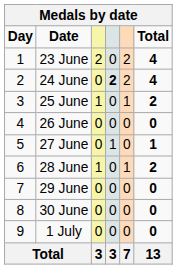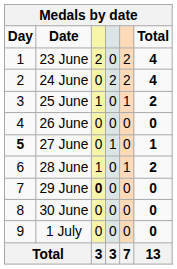 <table class="wikitable" style="font-size:85%; text-align:center;">
 <tr style="background:#efefef;">
 <th colspan=6><strong>Medals by date</strong></th>
 </tr>
 <tr>
 <td><strong>Day</strong></td>
 <td><strong>Date</strong></td>
 <td style="background:#F7F6A8;"></td>
 <td style="background:#DCE5E5;"></td>
 <td style="background:#FFDAB9;"></td>
 <td><strong>Total</strong></td>
 </tr>
 <tr>
 <td>1</td>
 <td>23 June</td>
 <td style="background:#F7F6A8;">2</td>
 <td style="background:#DCE5E5;">0</td>
 <td style="background:#FFDAB9;">2</td>
 <td><strong>4</strong></td>
 </tr>
 <tr>
 <td>2</td>
 <td>24 June</td>
 <td style="background:#F7F6A8;">0</td>
-<td style="background:#DCE5E5;"><strong>2</strong></td>
+<td style="background:#DCE5E5;">2</td>
 <td style="background:#FFDAB9;">2</td>
 <td><strong>4</strong></td>
 </tr>
 <tr>
 <td>3</td>
 <td>25 June</td>
 <td style="background:#F7F6A8;">1</td>
 <td style="background:#DCE5E5;">0</td>
 <td style="background:#FFDAB9;">1</td>
 <td><strong>2</strong></td>
 </tr>
 <tr>
 <td>4</td>
 <td>26 June</td>
 <td style="background:#F7F6A8;">0</td>
 <td style="background:#DCE5E5;">0</td>
 <td style="background:#FFDAB9;">0</td>
 <td><strong>0</strong></td>
 </tr>
 <tr>
-<td>5</td>
+<td><strong>5</strong></td>
 <td>27 June</td>
 <td style="background:#F7F6A8;">0</td>
 <td style="background:#DCE5E5;">1</td>
 <td style="background:#FFDAB9;">0</td>
 <td><strong>1</strong></td>
 </tr>
 <tr>
 <td>6</td>
 <td>28 June</td>
 <td style="background:#F7F6A8;">1</td>
 <td style="background:#DCE5E5;">0</td>
 <td style="background:#FFDAB9;">1</td>
 <td><strong>2</strong></td>
 </tr>
 <tr>
 <td>7</td>
 <td>29 June</td>
-<td style="background:#F7F6A8;">0</td>
+<td style="background:#F7F6A8;"><strong>0</strong></td>
 <td style="background:#DCE5E5;">0</td>
 <td style="background:#FFDAB9;">0</td>
 <td><strong>0</strong></td>
 </tr>
 <tr>
 <td>8</td>
 <td>30 June</td>
 <td style="background:#F7F6A8;">0</td>
 <td style="background:#DCE5E5;">0</td>
 <td style="background:#FFDAB9;">0</td>
 <td><strong>0</strong></td>
 </tr>
 <tr>
 <td>9</td>
 <td>1 July</td>
 <td style="background:#F7F6A8;">0</td>
 <td style="background:#DCE5E5;">0</td>
 <td style="background:#FFDAB9;">0</td>
 <td><strong>0</strong></td>
 </tr>
 <tr>
 <th colspan="2">Total</th>
 <th>3</th>
 <th>3</th>
 <th>7</th>
 <th>13</th>
 </tr>
 </table>
